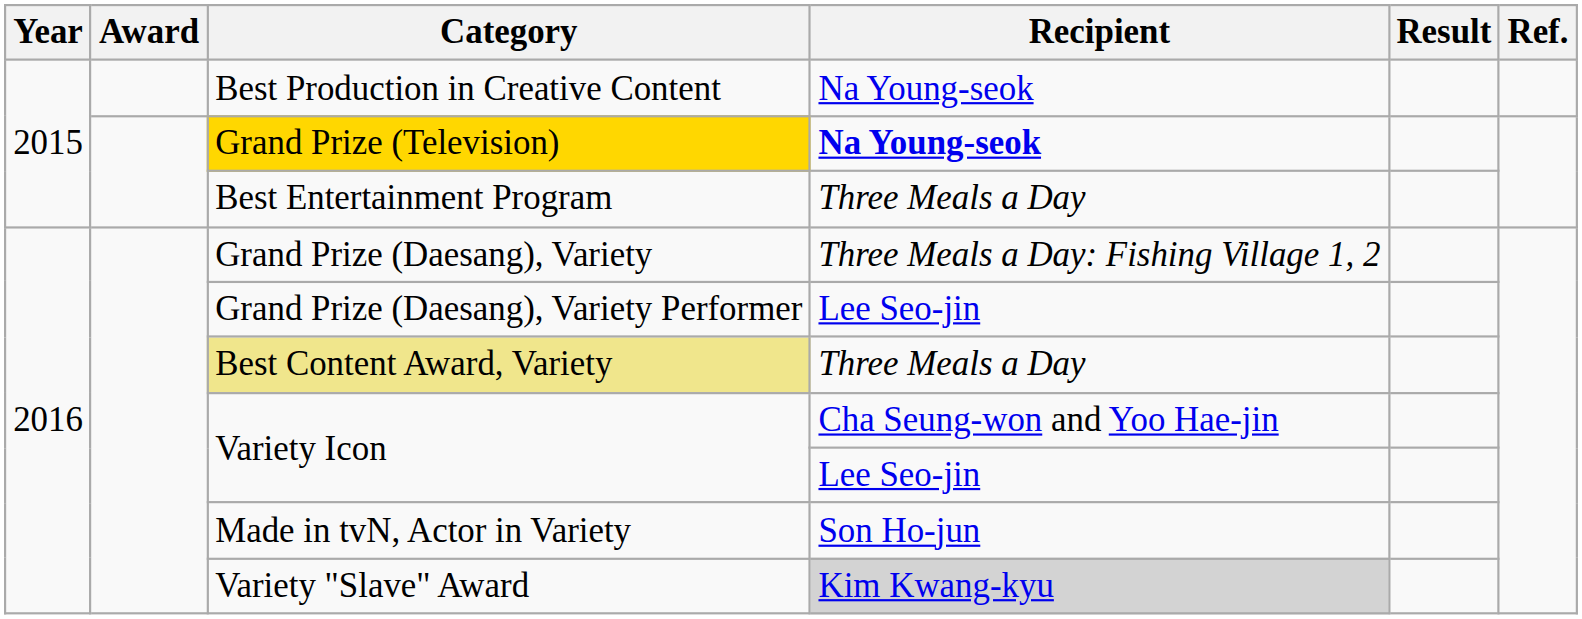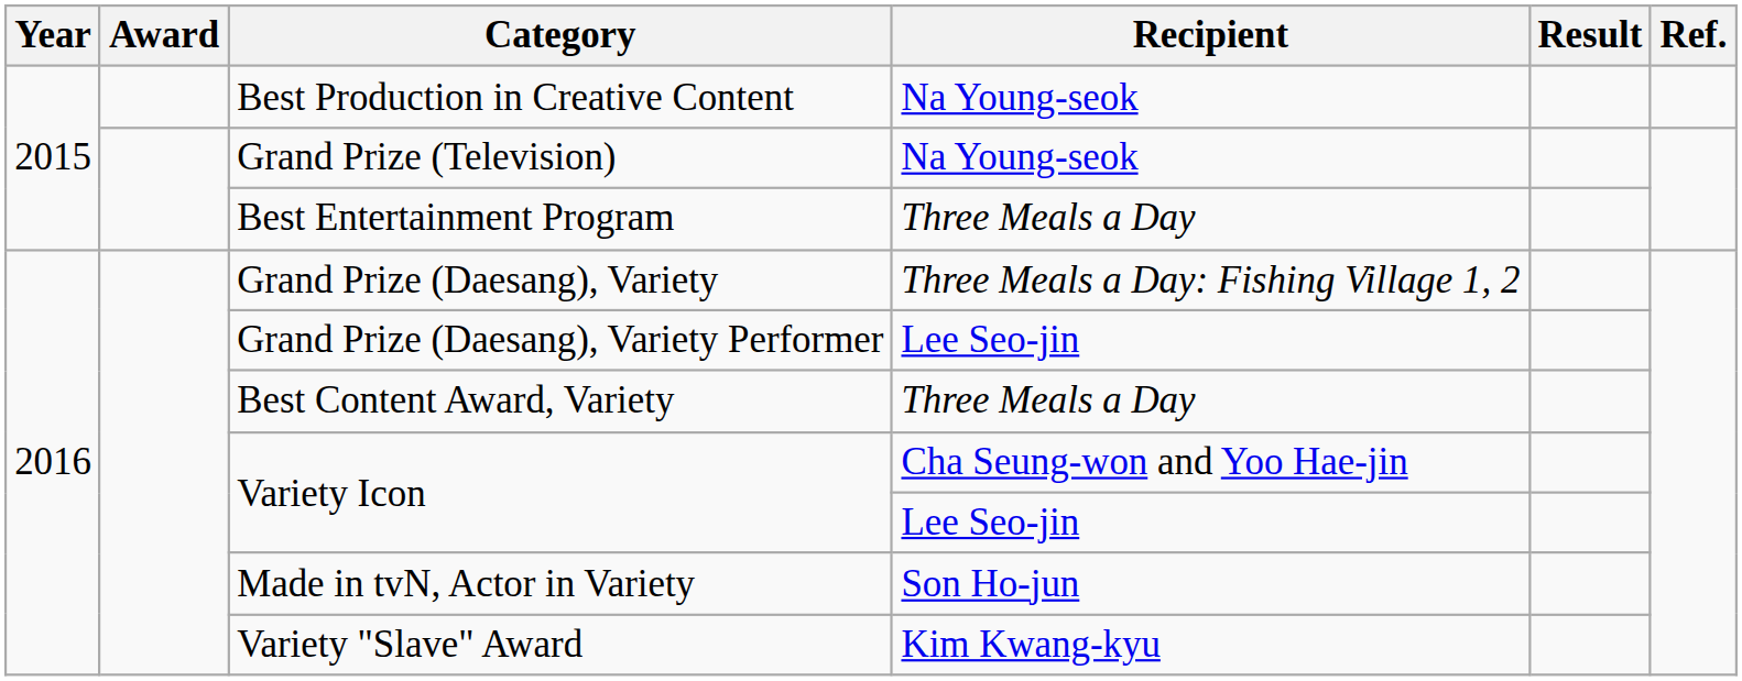 <table class=wikitable>
 <tr>
 <th>Year</th>
 <th>Award</th>
 <th>Category</th>
 <th>Recipient</th>
 <th>Result</th>
 <th>Ref.</th>
 </tr>
 <tr>
 <td rowspan=3>2015</td>
 <td></td>
 <td>Best Production in Creative Content</td>
 <td><a href='#'>Na Young-seok</a></td>
 <td></td>
 <td></td>
 </tr>
 <tr>
 <td rowspan=2></td>
-<td style="background: gold;">Grand Prize (Television)</td>
-<td><strong><a href='#'>Na Young-seok</a></strong></td>
+<td>Grand Prize (Television)</td>
+<td><a href='#'>Na Young-seok</a></td>
 <td></td>
 <td rowspan="2"></td>
 </tr>
 <tr>
 <td>Best Entertainment Program</td>
 <td><em>Three Meals a Day</em></td>
 <td></td>
 </tr>
 <tr>
 <td rowspan=7>2016</td>
 <td rowspan=7></td>
 <td>Grand Prize (Daesang), Variety</td>
 <td><em>Three Meals a Day: Fishing Village 1, 2</em></td>
 <td></td>
 <td rowspan="7"></td>
 </tr>
 <tr>
 <td>Grand Prize (Daesang), Variety Performer</td>
 <td><a href='#'>Lee Seo-jin</a><br></td>
 <td></td>
 </tr>
 <tr>
-<td style="background: khaki;">Best Content Award, Variety</td>
+<td>Best Content Award, Variety</td>
 <td><em>Three Meals a Day</em></td>
 <td></td>
 </tr>
 <tr>
 <td rowspan=2>Variety Icon</td>
 <td><a href='#'>Cha Seung-won</a> and <a href='#'>Yoo Hae-jin</a><br></td>
 <td></td>
 </tr>
 <tr>
 <td><a href='#'>Lee Seo-jin</a><br></td>
 <td></td>
 </tr>
 <tr>
 <td>Made in tvN, Actor in Variety</td>
 <td><a href='#'>Son Ho-jun</a><br></td>
 <td></td>
 </tr>
 <tr>
 <td>Variety "Slave" Award</td>
-<td style="background: lightgrey;"><a href='#'>Kim Kwang-kyu</a><br></td>
+<td><a href='#'>Kim Kwang-kyu</a><br></td>
 <td></td>
 </tr>
 </table>
